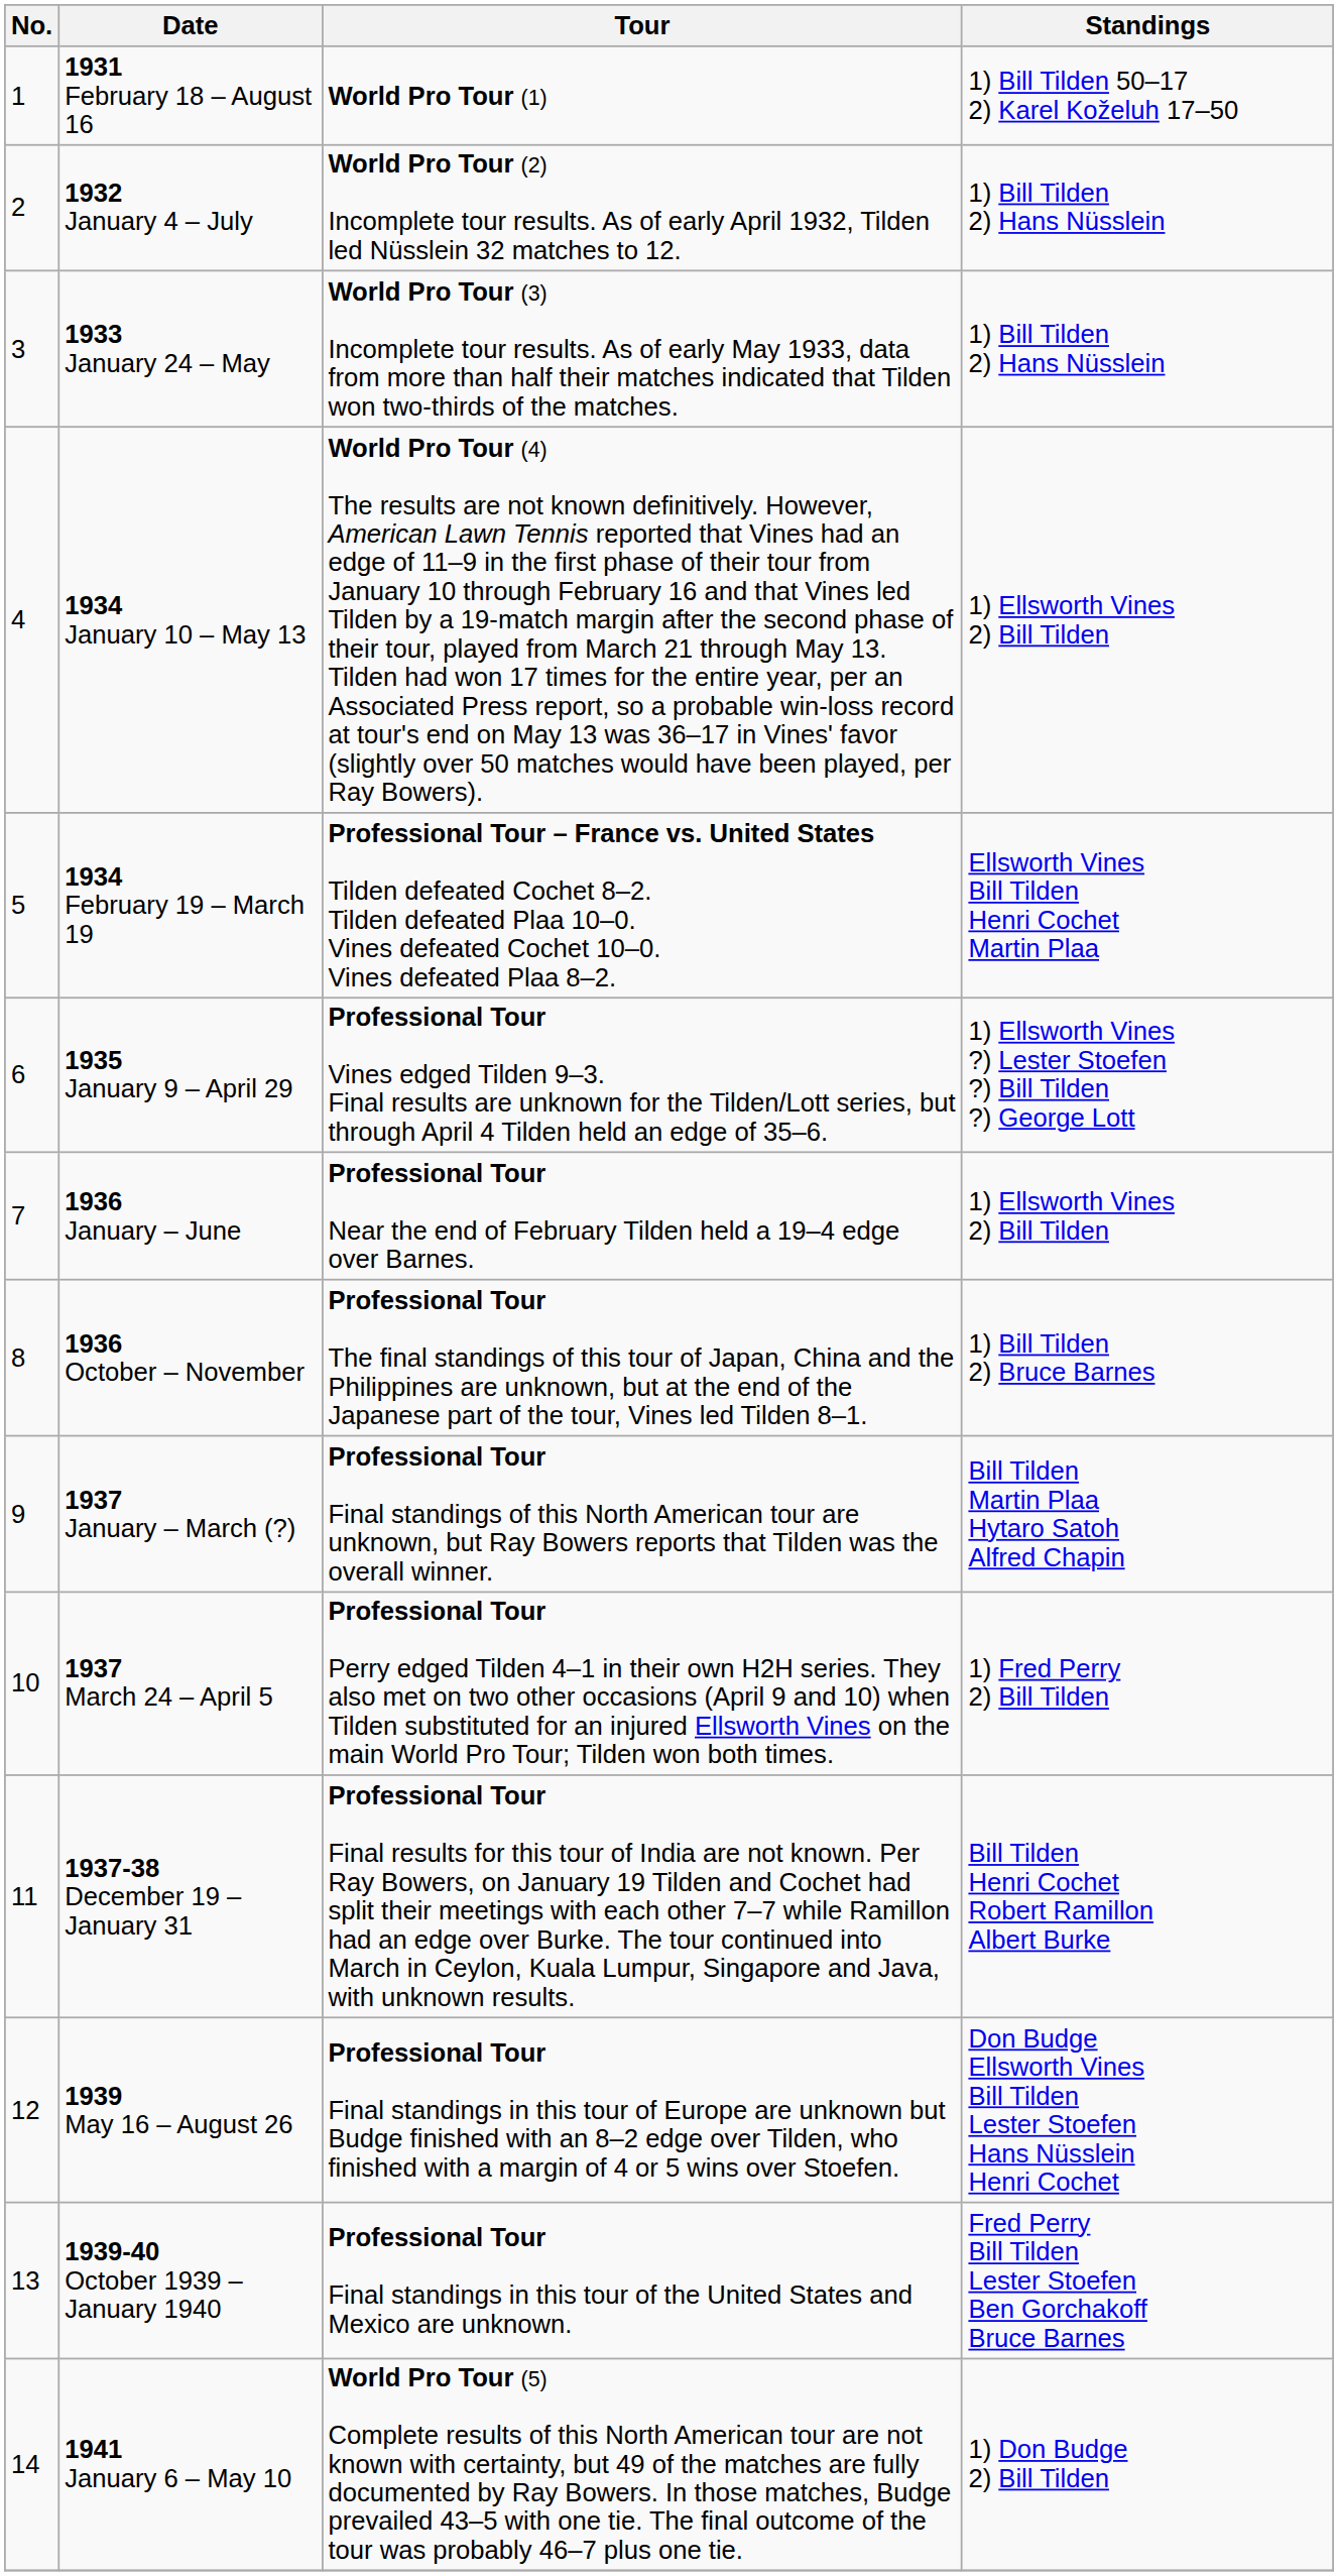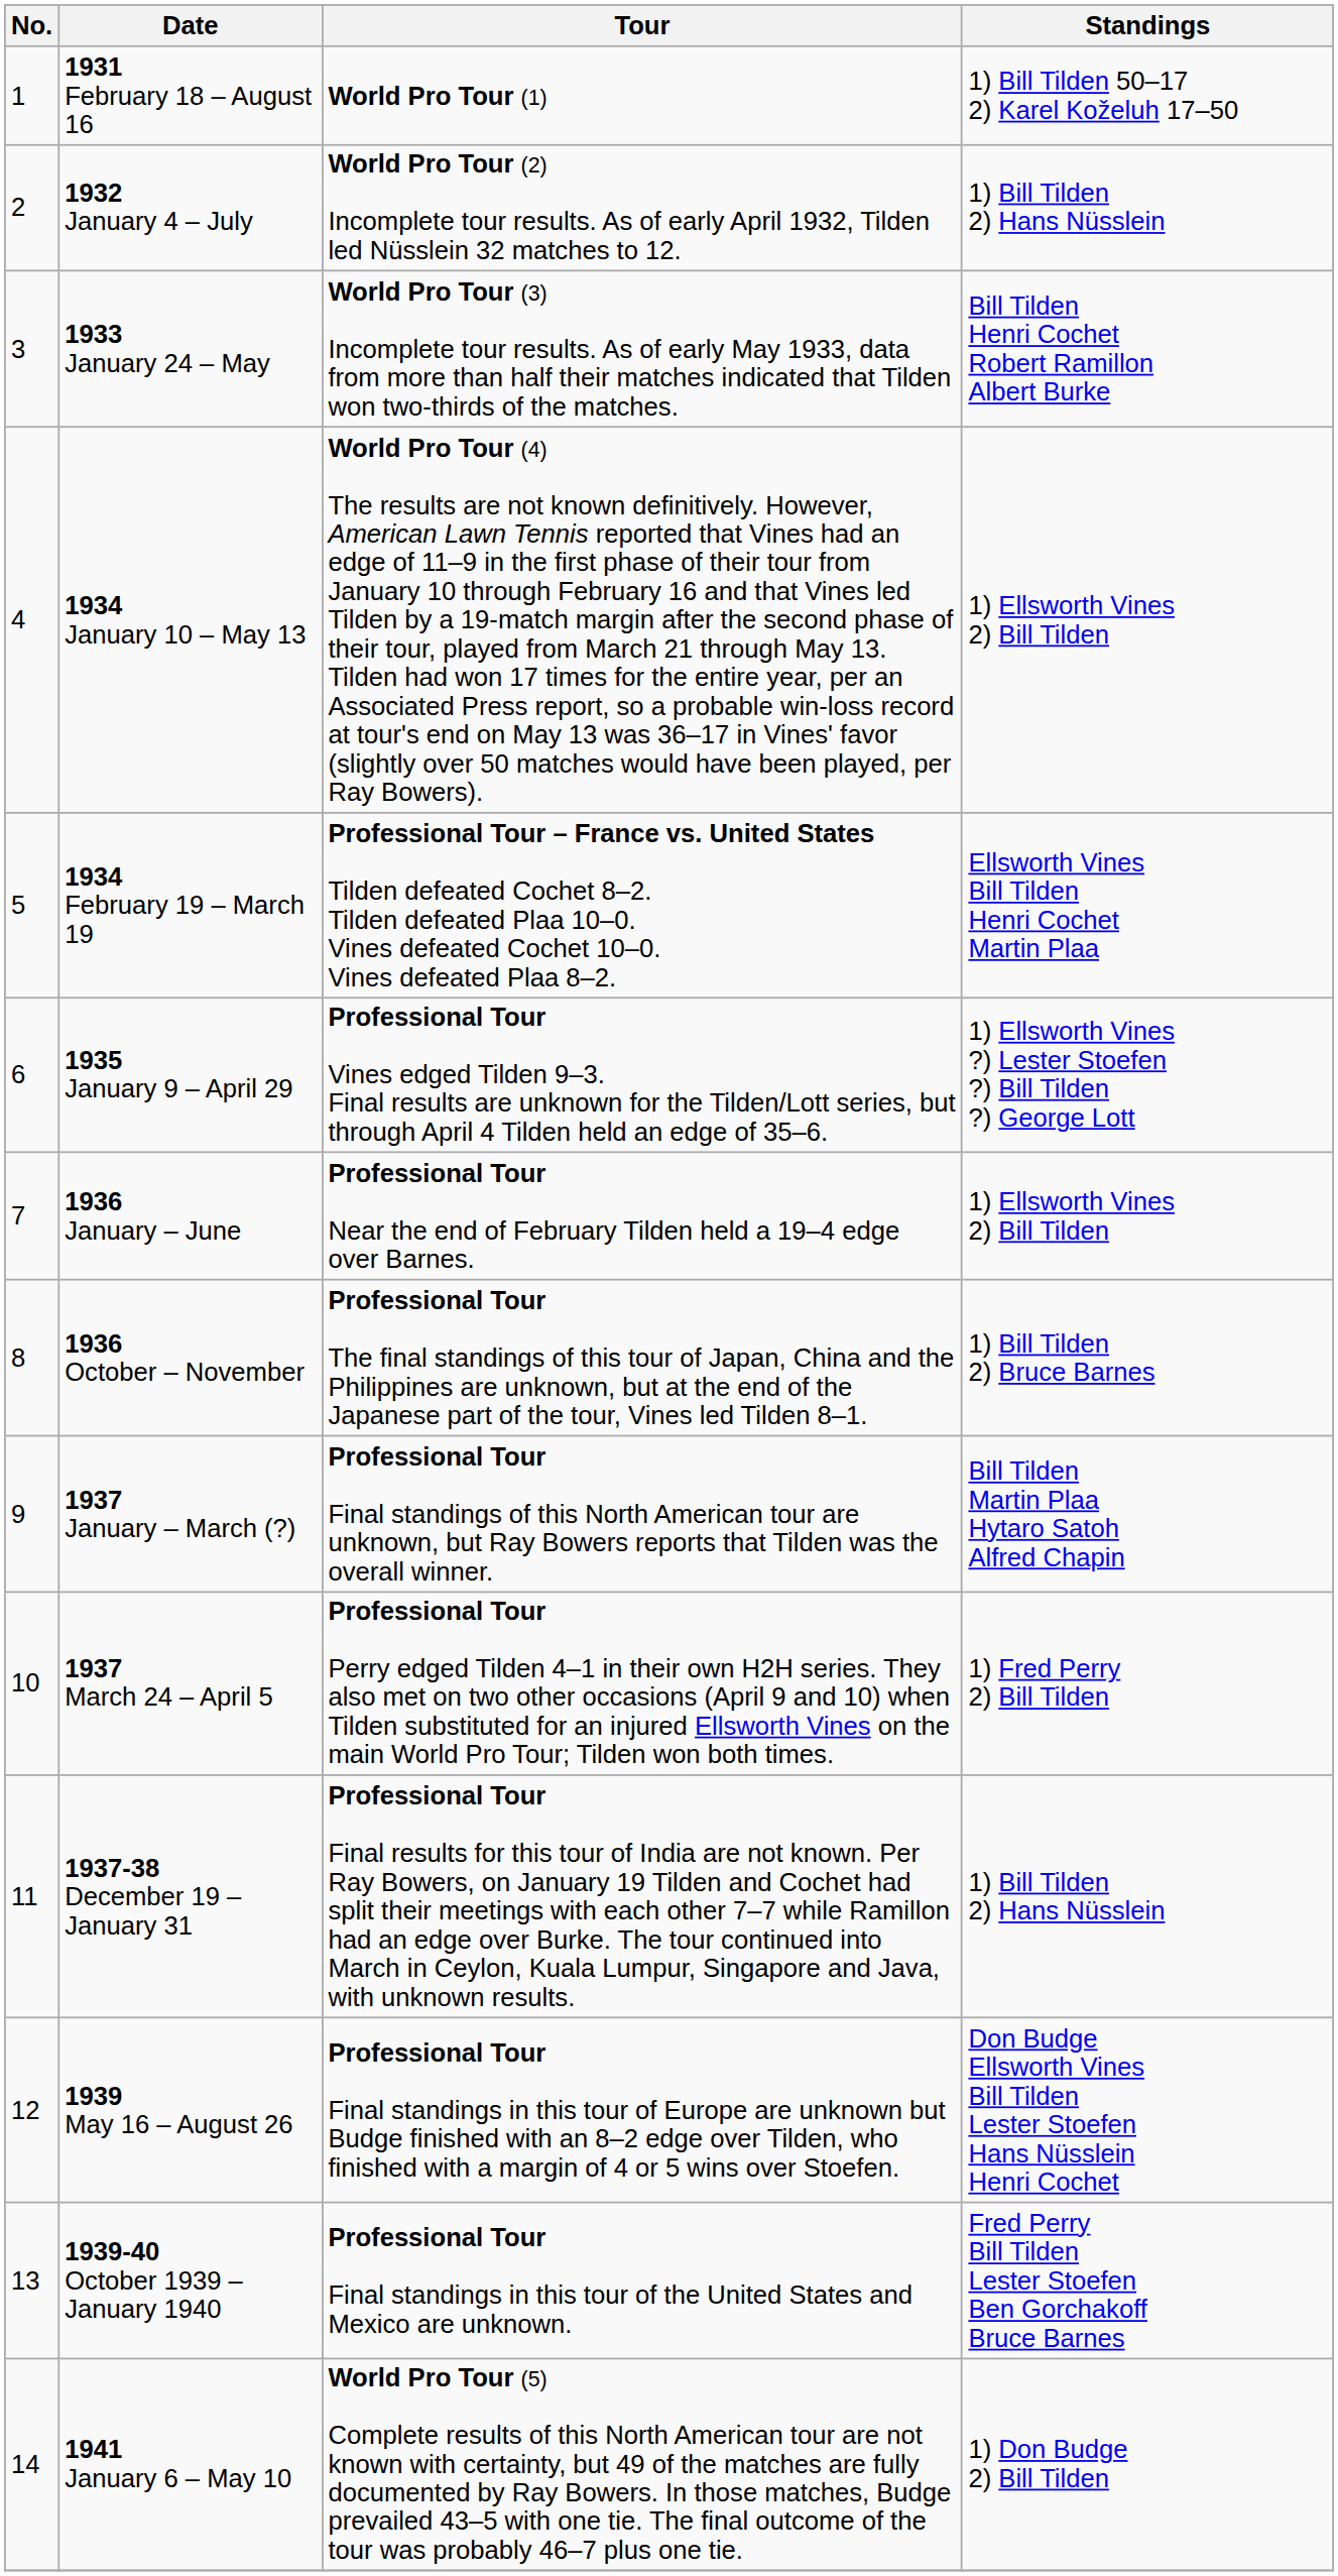 <table class="wikitable mw-collapsible mw-collapsed" style="font-size:90%;">
 <tr>
 <th width=15>No.</th>
 <th width=140>Date</th>
 <th width=350>Tour</th>
 <th width=200>Standings</th>
 </tr>
 <tr>
 <td>1</td>
 <td><strong>1931</strong> <br>February 18 – August 16</td>
 <td><strong>World Pro Tour</strong> <small>(1)</small> <br></td>
 <td>1)  <a href='#'>Bill Tilden</a> 50–17 <br> 2)  <a href='#'>Karel Koželuh</a> 17–50 <br></td>
 </tr>
 <tr>
 <td>2</td>
 <td><strong>1932</strong> <br>January 4 – July</td>
 <td><strong>World Pro Tour</strong> <small>(2)</small> <br><br>Incomplete tour results. As of early April 1932, Tilden led Nüsslein 32 matches to 12.</td>
 <td>1)  <a href='#'>Bill Tilden</a> <br> 2)  <a href='#'>Hans Nüsslein</a></td>
 </tr>
 <tr>
 <td>3</td>
 <td><strong>1933</strong> <br>January 24 – May</td>
 <td><strong>World Pro Tour</strong> <small>(3)</small> <br><br>Incomplete tour results. As of early May 1933, data from more than half their matches indicated that Tilden won two-thirds of the matches.</td>
-<td>1)  <a href='#'>Bill Tilden</a> <br> 2)  <a href='#'>Hans Nüsslein</a></td>
+<td> <a href='#'>Bill Tilden</a> <br>  <a href='#'>Henri Cochet</a> <br>  <a href='#'>Robert Ramillon</a> <br>  <a href='#'>Albert Burke</a></td>
 </tr>
 <tr>
 <td>4</td>
 <td><strong>1934</strong> <br>January 10 – May 13</td>
 <td><strong>World Pro Tour</strong> <small>(4)</small> <br><br>The results are not known definitively.  However, <em>American Lawn Tennis</em> reported that Vines had an edge of 11–9 in the first phase of their tour from January 10 through February 16 and that Vines led Tilden by a 19-match margin after the second phase of their tour, played from March 21 through May 13.  Tilden had won 17 times for the entire year, per an Associated Press report, so a probable win-loss record at tour's end on May 13 was 36–17 in Vines' favor (slightly over 50 matches would have been played, per Ray Bowers).</td>
 <td>1)  <a href='#'>Ellsworth Vines</a> <br> 2)  <a href='#'>Bill Tilden</a></td>
 </tr>
 <tr>
 <td>5</td>
 <td><strong>1934</strong> <br>February 19 – March 19</td>
 <td><strong>Professional Tour – France vs. United States</strong> <br><br>Tilden defeated Cochet 8–2. <br>  Tilden defeated Plaa 10–0. <br>  Vines defeated Cochet 10–0. <br>  Vines defeated Plaa 8–2. <br></td>
 <td> <a href='#'>Ellsworth Vines</a> <br>  <a href='#'>Bill Tilden</a> <br>  <a href='#'>Henri Cochet</a> <br>  <a href='#'>Martin Plaa</a></td>
 </tr>
 <tr>
 <td>6</td>
 <td><strong>1935</strong> <br>January 9 – April 29</td>
 <td><strong>Professional Tour</strong> <br><br>Vines edged Tilden 9–3. <br> Final results are unknown for the Tilden/Lott series, but through April 4 Tilden held an edge of 35–6.</td>
 <td>1)  <a href='#'>Ellsworth Vines</a> <br>?)  <a href='#'>Lester Stoefen</a> <br>?)  <a href='#'>Bill Tilden</a> <br>?)  <a href='#'>George Lott</a></td>
 </tr>
 <tr>
 <td>7</td>
 <td><strong>1936</strong> <br>January – June</td>
 <td><strong>Professional Tour</strong> <br><br>Near the end of February Tilden held a 19–4 edge over Barnes.</td>
 <td>1)  <a href='#'>Ellsworth Vines</a> <br> 2)  <a href='#'>Bill Tilden</a></td>
 </tr>
 <tr>
 <td>8</td>
 <td><strong>1936</strong> <br>October – November</td>
 <td><strong>Professional Tour</strong> <br><br>The final standings of this tour of Japan, China and the Philippines are unknown, but at the end of the Japanese part of the tour, Vines led Tilden 8–1.</td>
 <td>1)  <a href='#'>Bill Tilden</a> <br> 2)  <a href='#'>Bruce Barnes</a></td>
 </tr>
 <tr>
 <td>9</td>
 <td><strong>1937</strong> <br>January – March (?)</td>
 <td><strong>Professional Tour</strong> <br><br>Final standings of this North American tour are unknown, but Ray Bowers reports that Tilden was the overall winner.</td>
 <td> <a href='#'>Bill Tilden</a> <br>  <a href='#'>Martin Plaa</a> <br>  <a href='#'>Hytaro Satoh</a> <br>  <a href='#'>Alfred Chapin</a></td>
 </tr>
 <tr>
 <td>10</td>
 <td><strong>1937</strong> <br>March 24 – April 5</td>
 <td><strong>Professional Tour</strong> <br><br>Perry edged Tilden 4–1 in their own H2H series.   They also met on two other occasions (April 9 and 10) when Tilden substituted for an injured <a href='#'>Ellsworth Vines</a> on the main World Pro Tour; Tilden won both times.</td>
 <td>1)  <a href='#'>Fred Perry</a> <br> 2)  <a href='#'>Bill Tilden</a></td>
 </tr>
 <tr>
 <td>11</td>
 <td><strong>1937-38</strong> <br>December 19 – January 31</td>
 <td><strong>Professional Tour</strong> <br><br>Final results for this tour of India are not known.  Per Ray Bowers, on January 19 Tilden and Cochet had split their meetings with each other 7–7 while Ramillon had an edge over Burke.  The tour continued into March in Ceylon, Kuala Lumpur, Singapore and Java, with unknown results.</td>
-<td> <a href='#'>Bill Tilden</a> <br>  <a href='#'>Henri Cochet</a> <br>  <a href='#'>Robert Ramillon</a> <br>  <a href='#'>Albert Burke</a></td>
+<td>1)  <a href='#'>Bill Tilden</a> <br> 2)  <a href='#'>Hans Nüsslein</a></td>
 </tr>
 <tr>
 <td>12</td>
 <td><strong>1939</strong> <br>May 16 – August 26</td>
 <td><strong>Professional Tour</strong> <br><br>Final standings in this tour of Europe are unknown but Budge finished with an 8–2 edge over Tilden, who finished with a margin of 4 or 5 wins over Stoefen.</td>
 <td> <a href='#'>Don Budge</a> <br>  <a href='#'>Ellsworth Vines</a> <br>  <a href='#'>Bill Tilden</a> <br>  <a href='#'>Lester Stoefen</a> <br>   <a href='#'>Hans Nüsslein</a> <br>  <a href='#'>Henri Cochet</a></td>
 </tr>
 <tr>
 <td>13</td>
 <td><strong>1939-40</strong> <br>October 1939 – January 1940</td>
 <td><strong>Professional Tour</strong> <br><br>Final standings in this tour of the United States and Mexico are unknown.</td>
 <td> <a href='#'>Fred Perry</a> <br>  <a href='#'>Bill Tilden</a> <br>  <a href='#'>Lester Stoefen</a> <br>  <a href='#'>Ben Gorchakoff</a> <br>  <a href='#'>Bruce Barnes</a></td>
 </tr>
 <tr>
 <td>14</td>
 <td><strong>1941</strong> <br>January 6 – May 10</td>
 <td><strong>World Pro Tour</strong> <small>(5)</small> <br><br>Complete results of this North American tour are not known with certainty, but 49 of the matches are fully documented by Ray Bowers. In those matches, Budge prevailed 43–5 with one tie. The final outcome of the tour was probably 46–7 plus one tie.</td>
 <td>1)  <a href='#'>Don Budge</a> <br> 2)  <a href='#'>Bill Tilden</a></td>
 </tr>
 <tr>
 </tr>
 </table>
